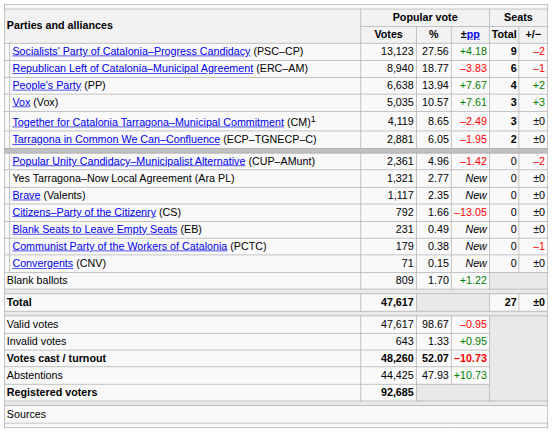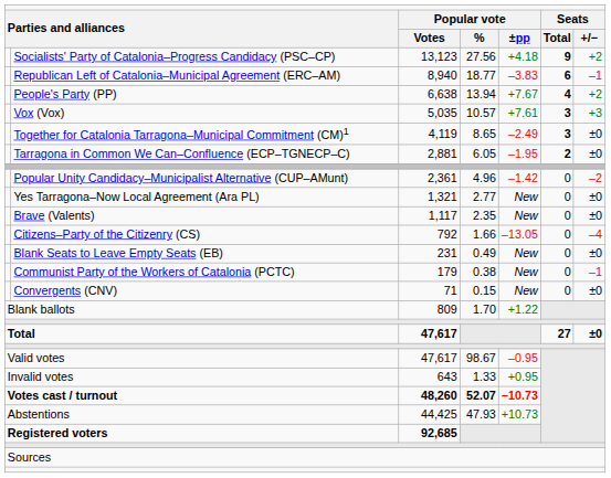 <table class="wikitable" style="text-align:right;">
 <tr>
 <td colspan="7"></td>
 </tr>
 <tr>
 <th style="text-align:left;" rowspan="2" colspan="2" width="525">Parties and alliances</th>
 <th colspan="3">Popular vote</th>
 <th colspan="2">Seats</th>
 </tr>
 <tr>
 <th width="75">Votes</th>
 <th width="45">%</th>
 <th width="45">±<a href='#'>pp</a></th>
 <th width="35">Total</th>
 <th width="35">+/−</th>
 </tr>
 <tr>
 <td width="1" style="color:inherit;background:"></td>
 <td align="left"><a href='#'>Socialists' Party of Catalonia–Progress Candidacy</a> (PSC–CP)</td>
 <td>13,123</td>
 <td>27.56</td>
 <td style="color:green;">+4.18</td>
 <td><strong>9</strong></td>
-<td style="color:red;">–2</td>
+<td style="color:green;">+2</td>
 </tr>
 <tr>
 <td style="color:inherit;background:"></td>
 <td align="left"><a href='#'>Republican Left of Catalonia–Municipal Agreement</a> (ERC–AM)</td>
 <td>8,940</td>
 <td>18.77</td>
 <td style="color:red;">–3.83</td>
 <td><strong>6</strong></td>
 <td style="color:red;">–1</td>
 </tr>
 <tr>
 <td style="color:inherit;background:"></td>
 <td align="left"><a href='#'>People's Party</a> (PP)</td>
 <td>6,638</td>
 <td>13.94</td>
 <td style="color:green;">+7.67</td>
 <td><strong>4</strong></td>
 <td style="color:green;">+2</td>
 </tr>
 <tr>
 <td style="color:inherit;background:"></td>
 <td align="left"><a href='#'>Vox</a> (Vox)</td>
 <td>5,035</td>
 <td>10.57</td>
 <td style="color:green;">+7.61</td>
 <td><strong>3</strong></td>
 <td style="color:green;">+3</td>
 </tr>
 <tr>
 <td style="color:inherit;background:"></td>
 <td align="left"><a href='#'>Together for Catalonia Tarragona–Municipal Commitment</a> (CM)<sup>1</sup></td>
 <td>4,119</td>
 <td>8.65</td>
 <td style="color:red;">–2.49</td>
 <td><strong>3</strong></td>
 <td>±0</td>
 </tr>
 <tr>
 <td style="color:inherit;background:"></td>
 <td align="left"><a href='#'>Tarragona in Common We Can–Confluence</a> (ECP–TGNECP–C)</td>
 <td>2,881</td>
 <td>6.05</td>
 <td style="color:red;">–1.95</td>
 <td><strong>2</strong></td>
 <td>±0</td>
 </tr>
 <tr>
 <td colspan="7" bgcolor="#C0C0C0"></td>
 </tr>
 <tr>
 <td style="color:inherit;background:"></td>
 <td align="left"><a href='#'>Popular Unity Candidacy–Municipalist Alternative</a> (CUP–AMunt)</td>
 <td>2,361</td>
 <td>4.96</td>
 <td style="color:red;">–1.42</td>
 <td>0</td>
 <td style="color:red;">–2</td>
 </tr>
 <tr>
 <td style="color:inherit;background:"></td>
 <td align="left">Yes Tarragona–Now Local Agreement (Ara PL)</td>
 <td>1,321</td>
 <td>2.77</td>
 <td><em>New</em></td>
 <td>0</td>
 <td>±0</td>
 </tr>
 <tr>
 <td style="color:inherit;background:"></td>
 <td align="left"><a href='#'>Brave</a> (Valents)</td>
 <td>1,117</td>
 <td>2.35</td>
 <td><em>New</em></td>
 <td>0</td>
 <td>±0</td>
 </tr>
 <tr>
 <td style="color:inherit;background:"></td>
 <td align="left"><a href='#'>Citizens–Party of the Citizenry</a> (CS)</td>
 <td>792</td>
 <td>1.66</td>
 <td style="color:red;">–13.05</td>
 <td>0</td>
-<td>±0</td>
+<td style="color:red;">–4</td>
 </tr>
 <tr>
 <td style="color:inherit;background:"></td>
 <td align="left"><a href='#'>Blank Seats to Leave Empty Seats</a> (EB)</td>
 <td>231</td>
 <td>0.49</td>
 <td><em>New</em></td>
 <td>0</td>
 <td>±0</td>
 </tr>
 <tr>
 <td style="color:inherit;background:"></td>
 <td align="left"><a href='#'>Communist Party of the Workers of Catalonia</a> (PCTC)</td>
 <td>179</td>
 <td>0.38</td>
 <td><em>New</em></td>
 <td>0</td>
 <td style="color:red;">–1</td>
 </tr>
 <tr>
 <td style="color:inherit;background:"></td>
 <td align="left"><a href='#'>Convergents</a> (CNV)</td>
 <td>71</td>
 <td>0.15</td>
 <td><em>New</em></td>
 <td>0</td>
 <td>±0</td>
 </tr>
 <tr>
 <td align="left" colspan="2">Blank ballots</td>
 <td>809</td>
 <td>1.70</td>
 <td style="color:green;">+1.22</td>
 <td bgcolor="#E9E9E9" colspan="2"></td>
 </tr>
 <tr>
 <td colspan="7" bgcolor="#E9E9E9"></td>
 </tr>
 <tr style="font-weight:bold;">
 <td align="left" colspan="2">Total</td>
 <td>47,617</td>
 <td bgcolor="#E9E9E9" colspan="2"></td>
 <td>27</td>
 <td>±0</td>
 </tr>
 <tr>
 <td colspan="7" bgcolor="#E9E9E9"></td>
 </tr>
 <tr>
 <td align="left" colspan="2">Valid votes</td>
 <td>47,617</td>
 <td>98.67</td>
 <td style="color:red;">–0.95</td>
 <td bgcolor="#E9E9E9" colspan="2" rowspan="5"></td>
 </tr>
 <tr>
 <td align="left" colspan="2">Invalid votes</td>
 <td>643</td>
 <td>1.33</td>
 <td style="color:green;">+0.95</td>
 </tr>
 <tr style="font-weight:bold;">
 <td align="left" colspan="2">Votes cast / turnout</td>
 <td>48,260</td>
 <td>52.07</td>
 <td style="color:red;">–10.73</td>
 </tr>
 <tr>
 <td align="left" colspan="2">Abstentions</td>
 <td>44,425</td>
 <td>47.93</td>
 <td style="color:green;">+10.73</td>
 </tr>
 <tr style="font-weight:bold;">
 <td align="left" colspan="2">Registered voters</td>
 <td>92,685</td>
 <td bgcolor="#E9E9E9" colspan="2"></td>
 </tr>
 <tr>
 <td colspan="7" bgcolor="#E9E9E9"></td>
 </tr>
 <tr>
 <td align="left" colspan="7">Sources</td>
 </tr>
 <tr>
 <td colspan="7" style="text-align:left; max-width:790px;"></td>
 </tr>
 </table>
